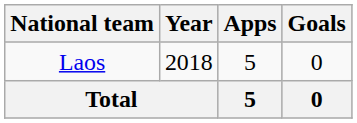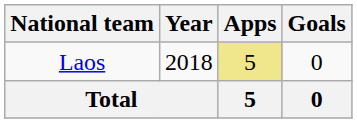 <table class="wikitable" style="text-align:center">
 <tr>
 <th>National team</th>
 <th>Year</th>
 <th>Apps</th>
 <th>Goals</th>
 </tr>
 <tr>
 <td rowspan="1"><a href='#'>Laos</a></td>
 <td>2018</td>
-<td>5</td>
+<td style="background: khaki;">5</td>
 <td>0</td>
 </tr>
 <tr>
 <th colspan=2>Total</th>
 <th>5</th>
 <th>0</th>
 </tr>
 </table>
